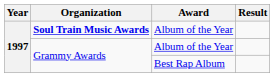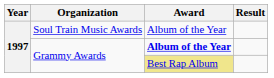 <table class="wikitable sortable plainrowheaders">
 <tr>
 <th scope="col">Year</th>
 <th scope="col">Organization</th>
 <th scope="col">Award</th>
 <th scope="col">Result</th>
 </tr>
 <tr>
 <th scope="row" rowspan="3">1997</th>
-<td><strong><a href='#'>Soul Train Music Awards</a></strong></td>
+<td><a href='#'>Soul Train Music Awards</a></td>
 <td><a href='#'>Album of the Year</a></td>
 <td></td>
 </tr>
 <tr>
 <td rowspan="2"><a href='#'>Grammy Awards</a></td>
-<td><a href='#'>Album of the Year</a></td>
+<td><strong><a href='#'>Album of the Year</a></strong></td>
 <td></td>
 </tr>
 <tr>
-<td><a href='#'>Best Rap Album</a></td>
+<td style="background: khaki;"><a href='#'>Best Rap Album</a></td>
 <td></td>
 </tr>
 </table>
